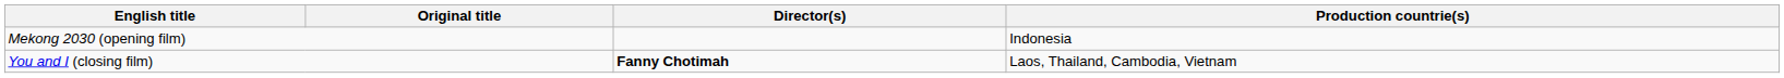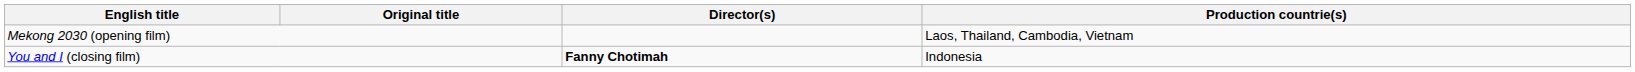 <table class="sortable wikitable" style="width:100%; margin-bottom:4px">
 <tr>
 <th scope="col">English title</th>
 <th scope="col">Original title</th>
 <th scope="col">Director(s)</th>
 <th scope="col">Production countrie(s)</th>
 </tr>
 <tr>
 <td colspan="2"><em>Mekong 2030</em> (opening film)</td>
 <td></td>
-<td>Indonesia</td>
+<td>Laos, Thailand, Cambodia, Vietnam</td>
 </tr>
 <tr>
 <td colspan="2"><em><a href='#'>You and I</a></em> (closing film)</td>
 <td><strong>Fanny Chotimah</strong></td>
-<td>Laos, Thailand, Cambodia, Vietnam</td>
+<td>Indonesia</td>
 </tr>
 </table>
